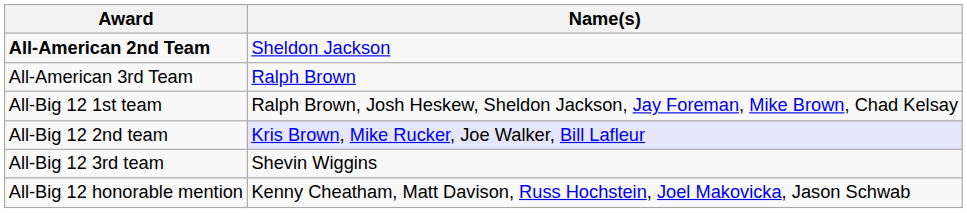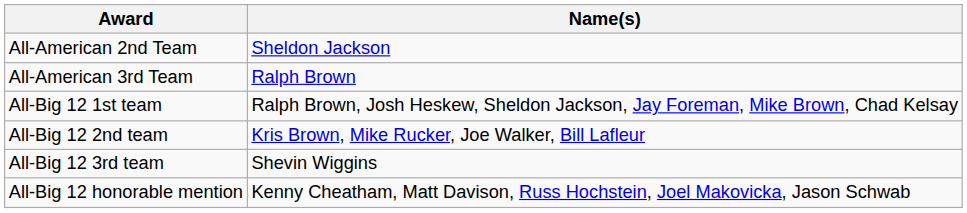 <table class="wikitable">
 <tr>
 <th>Award</th>
 <th>Name(s)</th>
 </tr>
 <tr>
-<td><strong>All-American 2nd Team</strong></td>
+<td>All-American 2nd Team</td>
 <td><a href='#'>Sheldon Jackson</a></td>
 </tr>
 <tr>
 <td>All-American 3rd Team</td>
 <td><a href='#'>Ralph Brown</a></td>
 </tr>
 <tr>
 <td>All-Big 12 1st team</td>
 <td>Ralph Brown, Josh Heskew, Sheldon Jackson, <a href='#'>Jay Foreman</a>, <a href='#'>Mike Brown</a>, Chad Kelsay</td>
 </tr>
 <tr>
 <td>All-Big 12 2nd team</td>
-<td style="background: lavender;"><a href='#'>Kris Brown</a>, <a href='#'>Mike Rucker</a>, Joe Walker, <a href='#'>Bill Lafleur</a></td>
+<td><a href='#'>Kris Brown</a>, <a href='#'>Mike Rucker</a>, Joe Walker, <a href='#'>Bill Lafleur</a></td>
 </tr>
 <tr>
 <td>All-Big 12 3rd team</td>
 <td>Shevin Wiggins</td>
 </tr>
 <tr>
 <td>All-Big 12 honorable mention</td>
 <td>Kenny Cheatham, Matt Davison, <a href='#'>Russ Hochstein</a>, <a href='#'>Joel Makovicka</a>, Jason Schwab</td>
 </tr>
 </table>
